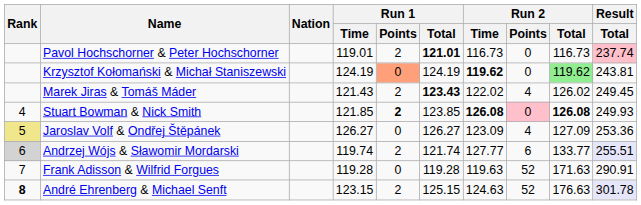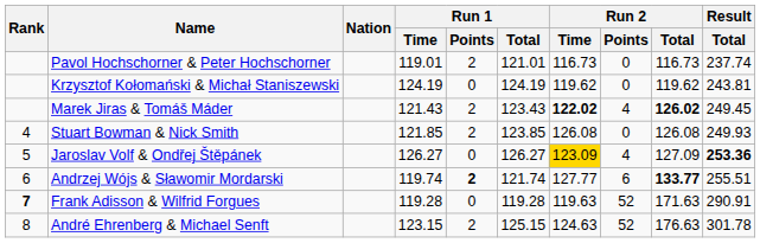 <table class="wikitable sortable" style="text-align:center">
 <tr>
 <th rowspan=2>Rank</th>
 <th rowspan=2>Name</th>
 <th rowspan=2>Nation</th>
 <th colspan=3>Run 1</th>
 <th colspan=3>Run 2</th>
 <th>Result</th>
 </tr>
 <tr>
 <th>Time</th>
 <th>Points</th>
 <th>Total</th>
 <th>Time</th>
 <th>Points</th>
 <th>Total</th>
 <th>Total</th>
 </tr>
 <tr>
 <td></td>
 <td align=left><a href='#'>Pavol Hochschorner</a> & <a href='#'>Peter Hochschorner</a></td>
 <td align=left></td>
 <td>119.01</td>
 <td>2</td>
-<td><strong>121.01</strong></td>
+<td>121.01</td>
 <td>116.73</td>
 <td>0</td>
 <td>116.73</td>
-<td style="background: pink;">237.74</td>
+<td>237.74</td>
 </tr>
 <tr>
 <td></td>
 <td align=left><a href='#'>Krzysztof Kołomański</a> & <a href='#'>Michał Staniszewski</a></td>
 <td align=left></td>
 <td>124.19</td>
-<td style="background: lightsalmon;">0</td>
+<td>0</td>
 <td>124.19</td>
-<td><strong>119.62</strong></td>
+<td>119.62</td>
 <td>0</td>
-<td style="background: lightgreen;">119.62</td>
+<td>119.62</td>
 <td>243.81</td>
 </tr>
 <tr>
 <td></td>
 <td align=left><a href='#'>Marek Jiras</a> & <a href='#'>Tomáš Máder</a></td>
 <td align=left></td>
 <td>121.43</td>
 <td>2</td>
-<td><strong>123.43</strong></td>
-<td>122.02</td>
+<td>123.43</td>
+<td><strong>122.02</strong></td>
 <td>4</td>
-<td>126.02</td>
+<td><strong>126.02</strong></td>
 <td>249.45</td>
 </tr>
 <tr>
 <td>4</td>
 <td align=left><a href='#'>Stuart Bowman</a> & <a href='#'>Nick Smith</a></td>
 <td align=left></td>
 <td>121.85</td>
-<td><strong>2</strong></td>
+<td>2</td>
 <td>123.85</td>
-<td><strong>126.08</strong></td>
-<td style="background: pink;">0</td>
-<td><strong>126.08</strong></td>
+<td>126.08</td>
+<td>0</td>
+<td>126.08</td>
 <td>249.93</td>
 </tr>
 <tr>
-<td style="background: khaki;">5</td>
+<td>5</td>
 <td align=left><a href='#'>Jaroslav Volf</a> & <a href='#'>Ondřej Štěpánek</a></td>
 <td align=left></td>
 <td>126.27</td>
 <td>0</td>
 <td>126.27</td>
-<td>123.09</td>
+<td style="background: gold;">123.09</td>
 <td>4</td>
 <td>127.09</td>
-<td>253.36</td>
+<td><strong>253.36</strong></td>
 </tr>
 <tr>
-<td style="background: lightgrey;">6</td>
+<td>6</td>
 <td align=left><a href='#'>Andrzej Wójs</a> & <a href='#'>Sławomir Mordarski</a></td>
 <td align=left></td>
 <td>119.74</td>
-<td>2</td>
+<td><strong>2</strong></td>
 <td>121.74</td>
 <td>127.77</td>
 <td>6</td>
-<td>133.77</td>
-<td style="background: lavender;">255.51</td>
+<td><strong>133.77</strong></td>
+<td>255.51</td>
 </tr>
 <tr>
-<td>7</td>
+<td><strong>7</strong></td>
 <td align=left><a href='#'>Frank Adisson</a> & <a href='#'>Wilfrid Forgues</a></td>
 <td align=left></td>
 <td>119.28</td>
 <td>0</td>
 <td>119.28</td>
 <td>119.63</td>
 <td>52</td>
 <td>171.63</td>
 <td>290.91</td>
 </tr>
 <tr>
-<td><strong>8</strong></td>
+<td>8</td>
 <td align=left><a href='#'>André Ehrenberg</a> & <a href='#'>Michael Senft</a></td>
 <td align=left></td>
 <td>123.15</td>
 <td>2</td>
 <td>125.15</td>
 <td>124.63</td>
 <td>52</td>
 <td>176.63</td>
-<td style="background: lavender;">301.78</td>
+<td>301.78</td>
 </tr>
 </table>
